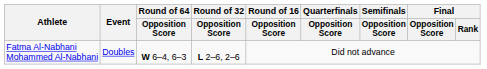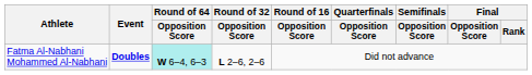 <table class=wikitable style="font-size:90%; text-align:center;">
 <tr>
 <th rowspan="2">Athlete</th>
 <th rowspan="2">Event</th>
 <th>Round of 64</th>
 <th>Round of 32</th>
 <th>Round of 16</th>
 <th>Quarterfinals</th>
 <th>Semifinals</th>
 <th colspan=2>Final</th>
 </tr>
 <tr style="font-size:95%">
 <th>Opposition<br>Score</th>
 <th>Opposition<br>Score</th>
 <th>Opposition<br>Score</th>
 <th>Opposition<br>Score</th>
 <th>Opposition<br>Score</th>
 <th>Opposition<br>Score</th>
 <th>Rank</th>
 </tr>
 <tr>
 <td align=left><a href='#'>Fatma Al-Nabhani</a><br><a href='#'>Mohammed Al-Nabhani</a></td>
-<td align=left><a href='#'>Doubles</a></td>
-<td><br><strong>W</strong> 6–4, 6–3</td>
+<td align=left><strong><a href='#'>Doubles</a></strong></td>
+<td style="background: paleturquoise;"><br><strong>W</strong> 6–4, 6–3</td>
 <td><br><strong>L</strong> 2–6, 2–6</td>
 <td colspan=5>Did not advance</td>
 </tr>
 </table>
